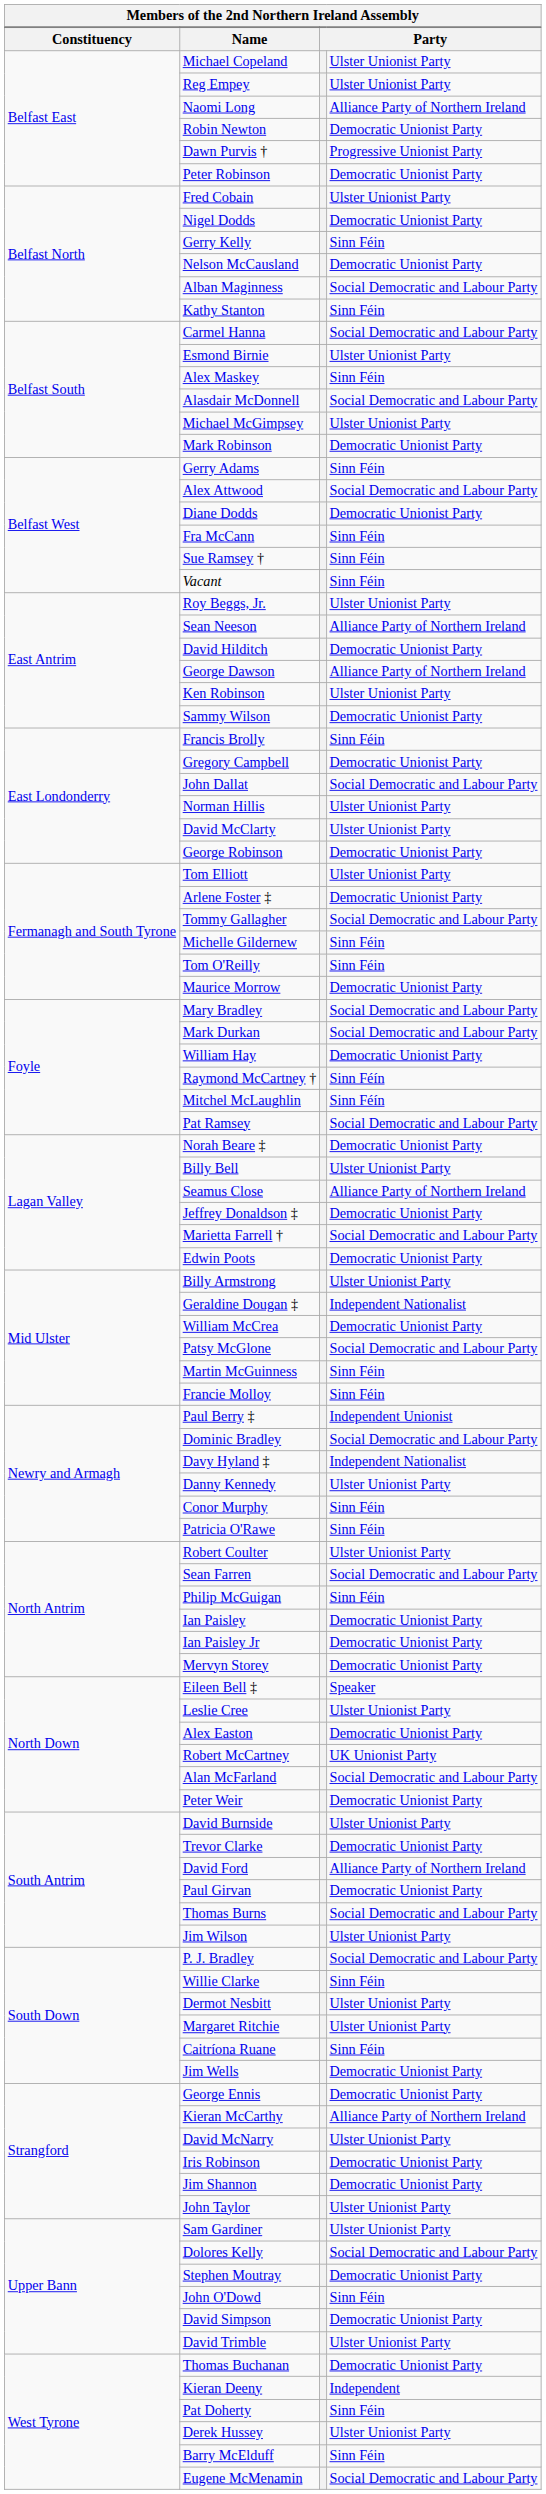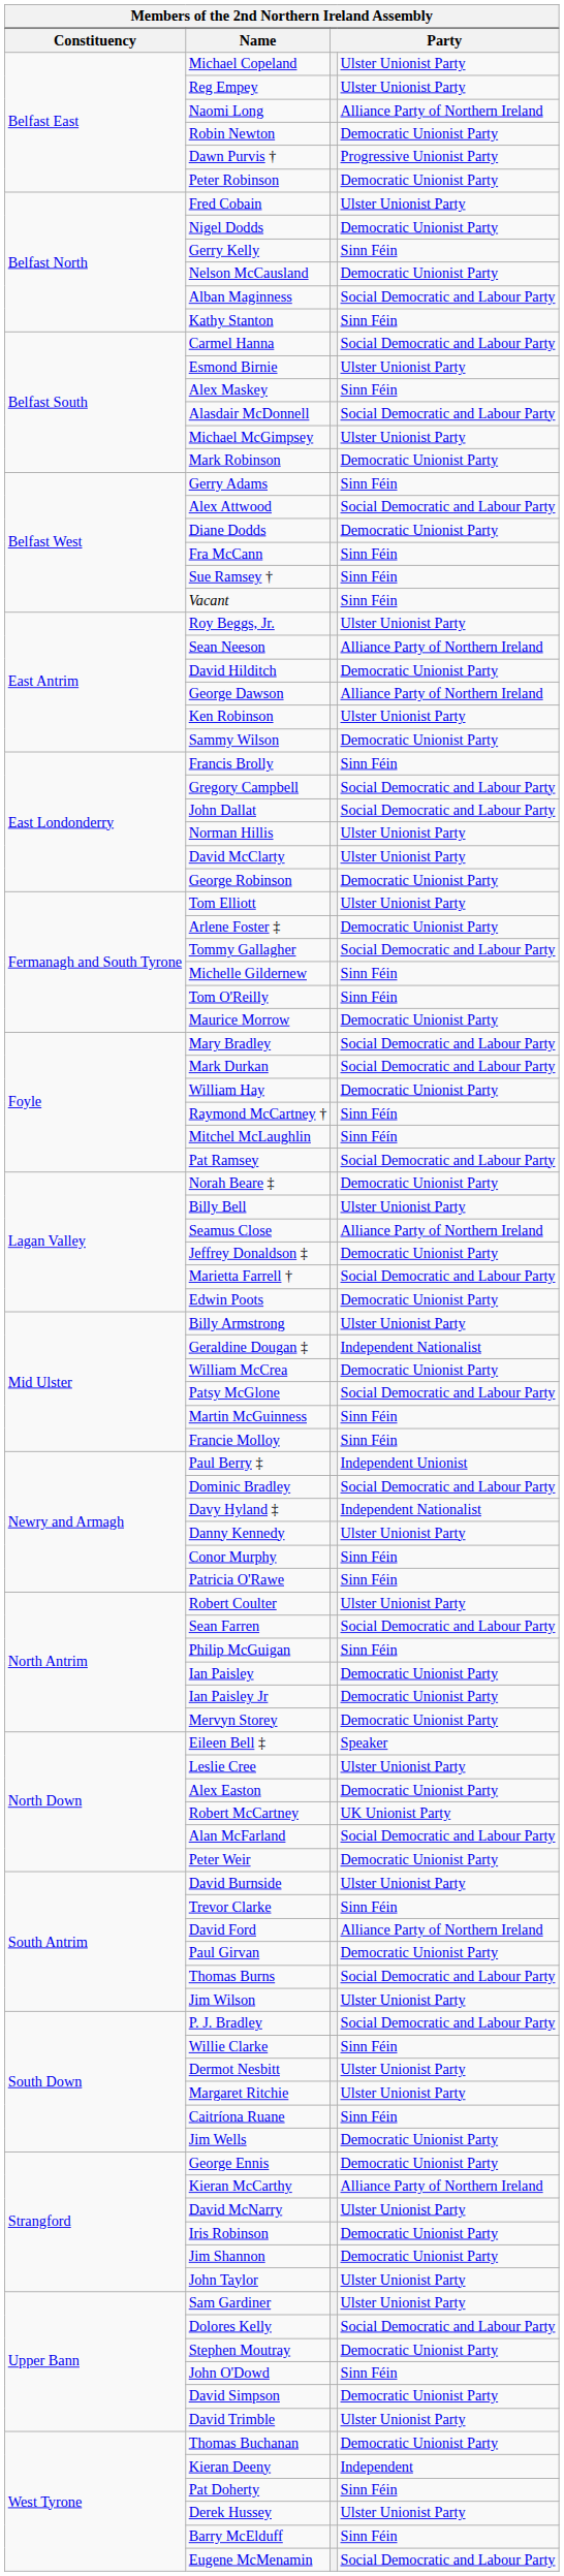 <table class="wikitable">
 <tr style="border-bottom: 2px solid gray;">
 <th colspan=4>Members of the 2nd Northern Ireland Assembly</th>
 </tr>
 <tr>
 <th align=center>Constituency</th>
 <th align=center>Name</th>
 <th style="text-align:center;" colspan="2">Party</th>
 </tr>
 <tr>
 <td rowspan="6"><a href='#'>Belfast East</a></td>
 <td><a href='#'>Michael Copeland</a></td>
 <th style="background-color: "></th>
 <td><a href='#'>Ulster Unionist Party</a></td>
 </tr>
 <tr>
 <td><a href='#'>Reg Empey</a></td>
 <th style="background-color: "></th>
 <td><a href='#'>Ulster Unionist Party</a></td>
 </tr>
 <tr>
 <td><a href='#'>Naomi Long</a></td>
 <th style="background-color: "></th>
 <td><a href='#'>Alliance Party of Northern Ireland</a></td>
 </tr>
 <tr>
 <td><a href='#'>Robin Newton</a></td>
 <th style="background-color: "></th>
 <td><a href='#'>Democratic Unionist Party</a></td>
 </tr>
 <tr>
 <td><a href='#'>Dawn Purvis</a> †</td>
 <th style="background-color: "></th>
 <td><a href='#'>Progressive Unionist Party</a></td>
 </tr>
 <tr>
 <td><a href='#'>Peter Robinson</a></td>
 <th style="background-color: "></th>
 <td><a href='#'>Democratic Unionist Party</a></td>
 </tr>
 <tr>
 <td rowspan="6"><a href='#'>Belfast North</a></td>
 <td><a href='#'>Fred Cobain</a></td>
 <th style="background-color: "></th>
 <td><a href='#'>Ulster Unionist Party</a></td>
 </tr>
 <tr>
 <td><a href='#'>Nigel Dodds</a></td>
 <th style="background-color: "></th>
 <td><a href='#'>Democratic Unionist Party</a></td>
 </tr>
 <tr>
 <td><a href='#'>Gerry Kelly</a></td>
 <th style="background-color: "></th>
 <td><a href='#'>Sinn Féin</a></td>
 </tr>
 <tr>
 <td><a href='#'>Nelson McCausland</a></td>
 <th style="background-color: "></th>
 <td><a href='#'>Democratic Unionist Party</a></td>
 </tr>
 <tr>
 <td><a href='#'>Alban Maginness</a></td>
 <th style="background-color: "></th>
 <td><a href='#'>Social Democratic and Labour Party</a></td>
 </tr>
 <tr>
 <td><a href='#'>Kathy Stanton</a></td>
 <th style="background-color: "></th>
 <td><a href='#'>Sinn Féin</a></td>
 </tr>
 <tr>
 <td rowspan="6"><a href='#'>Belfast South</a></td>
 <td><a href='#'>Carmel Hanna</a></td>
 <th style="background-color: "></th>
 <td><a href='#'>Social Democratic and Labour Party</a></td>
 </tr>
 <tr>
 <td><a href='#'>Esmond Birnie</a></td>
 <th style="background-color: "></th>
 <td><a href='#'>Ulster Unionist Party</a></td>
 </tr>
 <tr>
 <td><a href='#'>Alex Maskey</a></td>
 <th style="background-color: "></th>
 <td><a href='#'>Sinn Féin</a></td>
 </tr>
 <tr>
 <td><a href='#'>Alasdair McDonnell</a></td>
 <th style="background-color: "></th>
 <td><a href='#'>Social Democratic and Labour Party</a></td>
 </tr>
 <tr>
 <td><a href='#'>Michael McGimpsey</a></td>
 <th style="background-color: "></th>
 <td><a href='#'>Ulster Unionist Party</a></td>
 </tr>
 <tr>
 <td><a href='#'>Mark Robinson</a></td>
 <th style="background-color: "></th>
 <td><a href='#'>Democratic Unionist Party</a></td>
 </tr>
 <tr>
 <td rowspan="6"><a href='#'>Belfast West</a></td>
 <td><a href='#'>Gerry Adams</a></td>
 <th style="background-color: "></th>
 <td><a href='#'>Sinn Féin</a></td>
 </tr>
 <tr>
 <td><a href='#'>Alex Attwood</a></td>
 <th style="background-color: "></th>
 <td><a href='#'>Social Democratic and Labour Party</a></td>
 </tr>
 <tr>
 <td><a href='#'>Diane Dodds</a></td>
 <th style="background-color: "></th>
 <td><a href='#'>Democratic Unionist Party</a></td>
 </tr>
 <tr>
 <td><a href='#'>Fra McCann</a></td>
 <th style="background-color: "></th>
 <td><a href='#'>Sinn Féin</a></td>
 </tr>
 <tr>
 <td><a href='#'>Sue Ramsey</a> †</td>
 <th style="background-color: "></th>
 <td><a href='#'>Sinn Féin</a></td>
 </tr>
 <tr>
 <td><em>Vacant</em></td>
 <th style="background-color: "></th>
 <td><a href='#'>Sinn Féin</a></td>
 </tr>
 <tr>
 <td rowspan="6"><a href='#'>East Antrim</a></td>
 <td><a href='#'>Roy Beggs, Jr.</a></td>
 <th style="background-color: "></th>
 <td><a href='#'>Ulster Unionist Party</a></td>
 </tr>
 <tr>
 <td><a href='#'>Sean Neeson</a></td>
 <th style="background-color: "></th>
 <td><a href='#'>Alliance Party of Northern Ireland</a></td>
 </tr>
 <tr>
 <td><a href='#'>David Hilditch</a></td>
 <th style="background-color: "></th>
 <td><a href='#'>Democratic Unionist Party</a></td>
 </tr>
 <tr>
 <td><a href='#'>George Dawson</a></td>
 <th style="background-color: "></th>
 <td><a href='#'>Alliance Party of Northern Ireland</a></td>
 </tr>
 <tr>
 <td><a href='#'>Ken Robinson</a></td>
 <th style="background-color: "></th>
 <td><a href='#'>Ulster Unionist Party</a></td>
 </tr>
 <tr>
 <td><a href='#'>Sammy Wilson</a></td>
 <th style="background-color: "></th>
 <td><a href='#'>Democratic Unionist Party</a></td>
 </tr>
 <tr>
 <td rowspan="6"><a href='#'>East Londonderry</a></td>
 <td><a href='#'>Francis Brolly</a></td>
 <th style="background-color: "></th>
 <td><a href='#'>Sinn Féin</a></td>
 </tr>
 <tr>
 <td><a href='#'>Gregory Campbell</a></td>
 <th style="background-color: "></th>
-<td><a href='#'>Democratic Unionist Party</a></td>
+<td><a href='#'>Social Democratic and Labour Party</a></td>
 </tr>
 <tr>
 <td><a href='#'>John Dallat</a></td>
 <th style="background-color: "></th>
 <td><a href='#'>Social Democratic and Labour Party</a></td>
 </tr>
 <tr>
 <td><a href='#'>Norman Hillis</a></td>
 <th style="background-color: "></th>
 <td><a href='#'>Ulster Unionist Party</a></td>
 </tr>
 <tr>
 <td><a href='#'>David McClarty</a></td>
 <th style="background-color: "></th>
 <td><a href='#'>Ulster Unionist Party</a></td>
 </tr>
 <tr>
 <td><a href='#'>George Robinson</a></td>
 <th style="background-color: "></th>
 <td><a href='#'>Democratic Unionist Party</a></td>
 </tr>
 <tr>
 <td rowspan="6"><a href='#'>Fermanagh and South Tyrone</a></td>
 <td><a href='#'>Tom Elliott</a></td>
 <th style="background-color: "></th>
 <td><a href='#'>Ulster Unionist Party</a></td>
 </tr>
 <tr>
 <td><a href='#'>Arlene Foster</a> ‡</td>
 <th style="background-color: "></th>
 <td><a href='#'>Democratic Unionist Party</a></td>
 </tr>
 <tr>
 <td><a href='#'>Tommy Gallagher</a></td>
 <th style="background-color: "></th>
 <td><a href='#'>Social Democratic and Labour Party</a></td>
 </tr>
 <tr>
 <td><a href='#'>Michelle Gildernew</a></td>
 <th style="background-color: "></th>
 <td><a href='#'>Sinn Féin</a></td>
 </tr>
 <tr>
 <td><a href='#'>Tom O'Reilly</a></td>
 <th style="background-color: "></th>
 <td><a href='#'>Sinn Féin</a></td>
 </tr>
 <tr>
 <td><a href='#'>Maurice Morrow</a></td>
 <th style="background-color: "></th>
 <td><a href='#'>Democratic Unionist Party</a></td>
 </tr>
 <tr>
 <td rowspan="6"><a href='#'>Foyle</a></td>
 <td><a href='#'>Mary Bradley</a></td>
 <th style="background-color: "></th>
 <td><a href='#'>Social Democratic and Labour Party</a></td>
 </tr>
 <tr>
 <td><a href='#'>Mark Durkan</a></td>
 <th style="background-color: "></th>
 <td><a href='#'>Social Democratic and Labour Party</a></td>
 </tr>
 <tr>
 <td><a href='#'>William Hay</a></td>
 <th style="background-color: "></th>
 <td><a href='#'>Democratic Unionist Party</a></td>
 </tr>
 <tr>
 <td><a href='#'>Raymond McCartney</a> †</td>
 <th style="background-color: "></th>
 <td><a href='#'>Sinn Féín</a></td>
 </tr>
 <tr>
 <td><a href='#'>Mitchel McLaughlin</a></td>
 <th style="background-color: "></th>
 <td><a href='#'>Sinn Féín</a></td>
 </tr>
 <tr>
 <td><a href='#'>Pat Ramsey</a></td>
 <th style="background-color: "></th>
 <td><a href='#'>Social Democratic and Labour Party</a></td>
 </tr>
 <tr>
 <td rowspan="6"><a href='#'>Lagan Valley</a></td>
 <td><a href='#'>Norah Beare</a> ‡</td>
 <th style="background-color: "></th>
 <td><a href='#'>Democratic Unionist Party</a></td>
 </tr>
 <tr>
 <td><a href='#'>Billy Bell</a></td>
 <th style="background-color: "></th>
 <td><a href='#'>Ulster Unionist Party</a></td>
 </tr>
 <tr>
 <td><a href='#'>Seamus Close</a></td>
 <th style="background-color: "></th>
 <td><a href='#'>Alliance Party of Northern Ireland</a></td>
 </tr>
 <tr>
 <td><a href='#'>Jeffrey Donaldson</a> ‡</td>
 <th style="background-color: "></th>
 <td><a href='#'>Democratic Unionist Party</a></td>
 </tr>
 <tr>
 <td><a href='#'>Marietta Farrell</a> †</td>
 <th style="background-color: "></th>
 <td><a href='#'>Social Democratic and Labour Party</a></td>
 </tr>
 <tr>
 <td><a href='#'>Edwin Poots</a></td>
 <th style="background-color: "></th>
 <td><a href='#'>Democratic Unionist Party</a></td>
 </tr>
 <tr>
 <td rowspan="6"><a href='#'>Mid Ulster</a></td>
 <td><a href='#'>Billy Armstrong</a></td>
 <th style="background-color: "></th>
 <td><a href='#'>Ulster Unionist Party</a></td>
 </tr>
 <tr>
 <td><a href='#'>Geraldine Dougan</a> ‡</td>
 <th style="background-color: "></th>
 <td><a href='#'>Independent Nationalist</a></td>
 </tr>
 <tr>
 <td><a href='#'>William McCrea</a></td>
 <th style="background-color: "></th>
 <td><a href='#'>Democratic Unionist Party</a></td>
 </tr>
 <tr>
 <td><a href='#'>Patsy McGlone</a></td>
 <th style="background-color: "></th>
 <td><a href='#'>Social Democratic and Labour Party</a></td>
 </tr>
 <tr>
 <td><a href='#'>Martin McGuinness</a></td>
 <th style="background-color: "></th>
 <td><a href='#'>Sinn Féin</a></td>
 </tr>
 <tr>
 <td><a href='#'>Francie Molloy</a></td>
 <th style="background-color: "></th>
 <td><a href='#'>Sinn Féin</a></td>
 </tr>
 <tr>
 <td rowspan="6"><a href='#'>Newry and Armagh</a></td>
 <td><a href='#'>Paul Berry</a> ‡</td>
 <th style="background-color: "></th>
 <td><a href='#'>Independent Unionist</a></td>
 </tr>
 <tr>
 <td><a href='#'>Dominic Bradley</a></td>
 <th style="background-color: "></th>
 <td><a href='#'>Social Democratic and Labour Party</a></td>
 </tr>
 <tr>
 <td><a href='#'>Davy Hyland</a> ‡</td>
 <th style="background-color: "></th>
 <td><a href='#'>Independent Nationalist</a></td>
 </tr>
 <tr>
 <td><a href='#'>Danny Kennedy</a></td>
 <th style="background-color: "></th>
 <td><a href='#'>Ulster Unionist Party</a></td>
 </tr>
 <tr>
 <td><a href='#'>Conor Murphy</a></td>
 <th style="background-color: "></th>
 <td><a href='#'>Sinn Féin</a></td>
 </tr>
 <tr>
 <td><a href='#'>Patricia O'Rawe</a></td>
 <th style="background-color: "></th>
 <td><a href='#'>Sinn Féin</a></td>
 </tr>
 <tr>
 <td rowspan="6"><a href='#'>North Antrim</a></td>
 <td><a href='#'>Robert Coulter</a></td>
 <th style="background-color: "></th>
 <td><a href='#'>Ulster Unionist Party</a></td>
 </tr>
 <tr>
 <td><a href='#'>Sean Farren</a></td>
 <th style="background-color: "></th>
 <td><a href='#'>Social Democratic and Labour Party</a></td>
 </tr>
 <tr>
 <td><a href='#'>Philip McGuigan</a></td>
 <th style="background-color: "></th>
 <td><a href='#'>Sinn Féin</a></td>
 </tr>
 <tr>
 <td><a href='#'>Ian Paisley</a></td>
 <th style="background-color: "></th>
 <td><a href='#'>Democratic Unionist Party</a></td>
 </tr>
 <tr>
 <td><a href='#'>Ian Paisley Jr</a></td>
 <th style="background-color: "></th>
 <td><a href='#'>Democratic Unionist Party</a></td>
 </tr>
 <tr>
 <td><a href='#'>Mervyn Storey</a></td>
 <th style="background-color: "></th>
 <td><a href='#'>Democratic Unionist Party</a></td>
 </tr>
 <tr>
 <td rowspan="6"><a href='#'>North Down</a></td>
 <td><a href='#'>Eileen Bell</a> ‡</td>
 <th style="background-color: "></th>
 <td><a href='#'>Speaker</a></td>
 </tr>
 <tr>
 <td><a href='#'>Leslie Cree</a></td>
 <th style="background-color: "></th>
 <td><a href='#'>Ulster Unionist Party</a></td>
 </tr>
 <tr>
 <td><a href='#'>Alex Easton</a></td>
 <th style="background-color: "></th>
 <td><a href='#'>Democratic Unionist Party</a></td>
 </tr>
 <tr>
 <td><a href='#'>Robert McCartney</a></td>
 <th style="background-color: "></th>
 <td><a href='#'>UK Unionist Party</a></td>
 </tr>
 <tr>
 <td><a href='#'>Alan McFarland</a></td>
 <th style="background-color: "></th>
 <td><a href='#'>Social Democratic and Labour Party</a></td>
 </tr>
 <tr>
 <td><a href='#'>Peter Weir</a></td>
 <th style="background-color: "></th>
 <td><a href='#'>Democratic Unionist Party</a></td>
 </tr>
 <tr>
 <td rowspan="6"><a href='#'>South Antrim</a></td>
 <td><a href='#'>David Burnside</a></td>
 <th style="background-color: "></th>
 <td><a href='#'>Ulster Unionist Party</a></td>
 </tr>
 <tr>
 <td><a href='#'>Trevor Clarke</a></td>
 <th style="background-color: "></th>
-<td><a href='#'>Democratic Unionist Party</a></td>
+<td><a href='#'>Sinn Féin</a></td>
 </tr>
 <tr>
 <td><a href='#'>David Ford</a></td>
 <th style="background-color: "></th>
 <td><a href='#'>Alliance Party of Northern Ireland</a></td>
 </tr>
 <tr>
 <td><a href='#'>Paul Girvan</a></td>
 <th style="background-color: "></th>
 <td><a href='#'>Democratic Unionist Party</a></td>
 </tr>
 <tr>
 <td><a href='#'>Thomas Burns</a></td>
 <th style="background-color: "></th>
 <td><a href='#'>Social Democratic and Labour Party</a></td>
 </tr>
 <tr>
 <td><a href='#'>Jim Wilson</a></td>
 <th style="background-color: "></th>
 <td><a href='#'>Ulster Unionist Party</a></td>
 </tr>
 <tr>
 <td rowspan="6"><a href='#'>South Down</a></td>
 <td><a href='#'>P. J. Bradley</a></td>
 <th style="background-color: "></th>
 <td><a href='#'>Social Democratic and Labour Party</a></td>
 </tr>
 <tr>
 <td><a href='#'>Willie Clarke</a></td>
 <th style="background-color: "></th>
 <td><a href='#'>Sinn Féin</a></td>
 </tr>
 <tr>
 <td><a href='#'>Dermot Nesbitt</a></td>
 <th style="background-color: "></th>
 <td><a href='#'>Ulster Unionist Party</a></td>
 </tr>
 <tr>
 <td><a href='#'>Margaret Ritchie</a></td>
 <th style="background-color: "></th>
 <td><a href='#'>Ulster Unionist Party</a></td>
 </tr>
 <tr>
 <td><a href='#'>Caitríona Ruane</a></td>
 <th style="background-color: "></th>
 <td><a href='#'>Sinn Féin</a></td>
 </tr>
 <tr>
 <td><a href='#'>Jim Wells</a></td>
 <th style="background-color: "></th>
 <td><a href='#'>Democratic Unionist Party</a></td>
 </tr>
 <tr>
 <td rowspan="6"><a href='#'>Strangford</a></td>
 <td><a href='#'>George Ennis</a></td>
 <th style="background-color: "></th>
 <td><a href='#'>Democratic Unionist Party</a></td>
 </tr>
 <tr>
 <td><a href='#'>Kieran McCarthy</a></td>
 <th style="background-color: "></th>
 <td><a href='#'>Alliance Party of Northern Ireland</a></td>
 </tr>
 <tr>
 <td><a href='#'>David McNarry</a></td>
 <th style="background-color: "></th>
 <td><a href='#'>Ulster Unionist Party</a></td>
 </tr>
 <tr>
 <td><a href='#'>Iris Robinson</a></td>
 <th style="background-color: "></th>
 <td><a href='#'>Democratic Unionist Party</a></td>
 </tr>
 <tr>
 <td><a href='#'>Jim Shannon</a></td>
 <th style="background-color: "></th>
 <td><a href='#'>Democratic Unionist Party</a></td>
 </tr>
 <tr>
 <td><a href='#'>John Taylor</a></td>
 <th style="background-color: "></th>
 <td><a href='#'>Ulster Unionist Party</a></td>
 </tr>
 <tr>
 <td rowspan="6"><a href='#'>Upper Bann</a></td>
 <td><a href='#'>Sam Gardiner</a></td>
 <th style="background-color: "></th>
 <td><a href='#'>Ulster Unionist Party</a></td>
 </tr>
 <tr>
 <td><a href='#'>Dolores Kelly</a></td>
 <th style="background-color: "></th>
 <td><a href='#'>Social Democratic and Labour Party</a></td>
 </tr>
 <tr>
 <td><a href='#'>Stephen Moutray</a></td>
 <th style="background-color: "></th>
 <td><a href='#'>Democratic Unionist Party</a></td>
 </tr>
 <tr>
 <td><a href='#'>John O'Dowd</a></td>
 <th style="background-color: "></th>
 <td><a href='#'>Sinn Féin</a></td>
 </tr>
 <tr>
 <td><a href='#'>David Simpson</a></td>
 <th style="background-color: "></th>
 <td><a href='#'>Democratic Unionist Party</a></td>
 </tr>
 <tr>
 <td><a href='#'>David Trimble</a></td>
 <th style="background-color: "></th>
 <td><a href='#'>Ulster Unionist Party</a></td>
 </tr>
 <tr>
 <td rowspan="6"><a href='#'>West Tyrone</a></td>
 <td><a href='#'>Thomas Buchanan</a></td>
 <th style="background-color: "></th>
 <td><a href='#'>Democratic Unionist Party</a></td>
 </tr>
 <tr>
 <td><a href='#'>Kieran Deeny</a></td>
 <th style="background-color: "></th>
 <td><a href='#'>Independent</a></td>
 </tr>
 <tr>
 <td><a href='#'>Pat Doherty</a></td>
 <th style="background-color: "></th>
 <td><a href='#'>Sinn Féin</a></td>
 </tr>
 <tr>
 <td><a href='#'>Derek Hussey</a></td>
 <th style="background-color: "></th>
 <td><a href='#'>Ulster Unionist Party</a></td>
 </tr>
 <tr>
 <td><a href='#'>Barry McElduff</a></td>
 <th style="background-color: "></th>
 <td><a href='#'>Sinn Féin</a></td>
 </tr>
 <tr>
 <td><a href='#'>Eugene McMenamin</a></td>
 <th style="background-color: "></th>
 <td><a href='#'>Social Democratic and Labour Party</a></td>
 </tr>
 </table>
